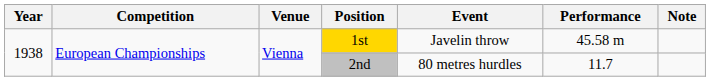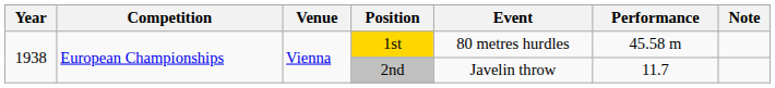 <table class="wikitable" width=55% style="font-size:90%; text-align:center;">
 <tr>
 <th>Year</th>
 <th>Competition</th>
 <th>Venue</th>
 <th>Position</th>
 <th>Event</th>
 <th>Performance</th>
 <th>Note</th>
 </tr>
 <tr>
 <td rowspan=2>1938</td>
 <td rowspan=2 align=left><a href='#'>European Championships</a></td>
 <td rowspan=2 align=left> <a href='#'>Vienna</a></td>
 <td bgcolor=gold>1st</td>
-<td>Javelin throw</td>
+<td>80 metres hurdles</td>
 <td>45.58 m</td>
 <td></td>
 </tr>
 <tr>
 <td bgcolor=silver>2nd</td>
-<td>80 metres hurdles</td>
+<td>Javelin throw</td>
 <td>11.7</td>
 <td></td>
 </tr>
 </table>
